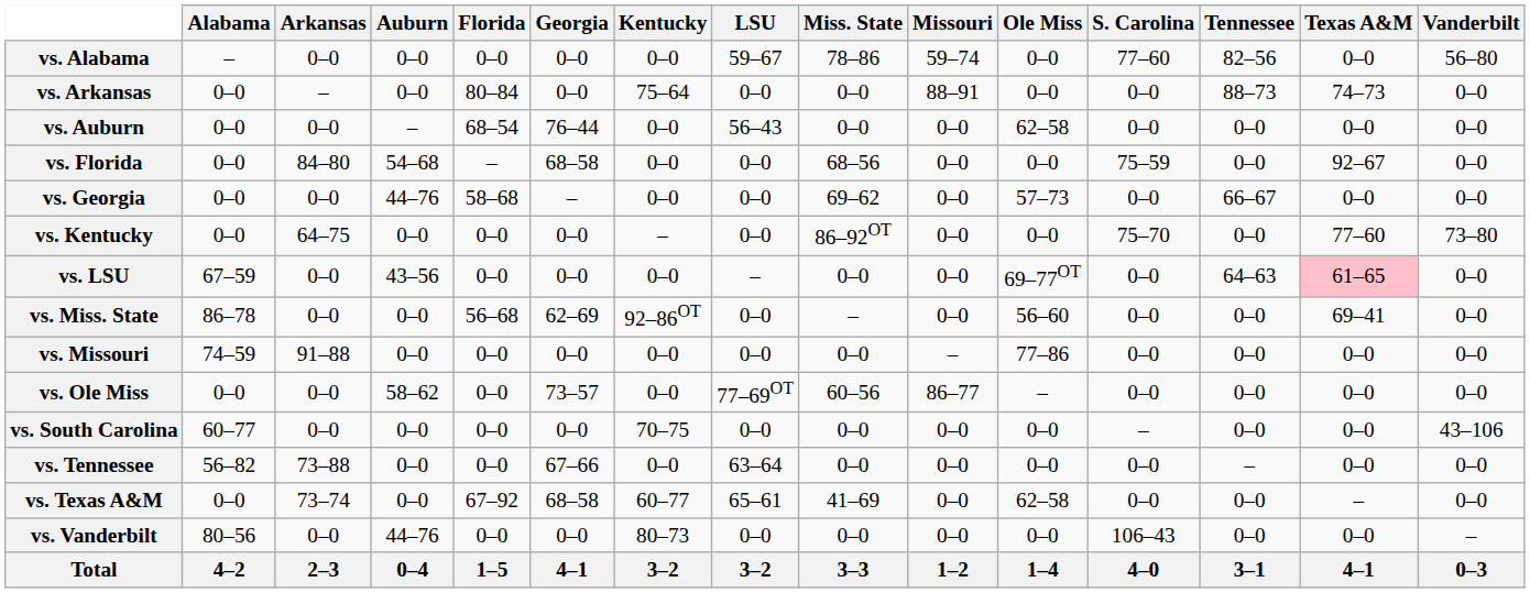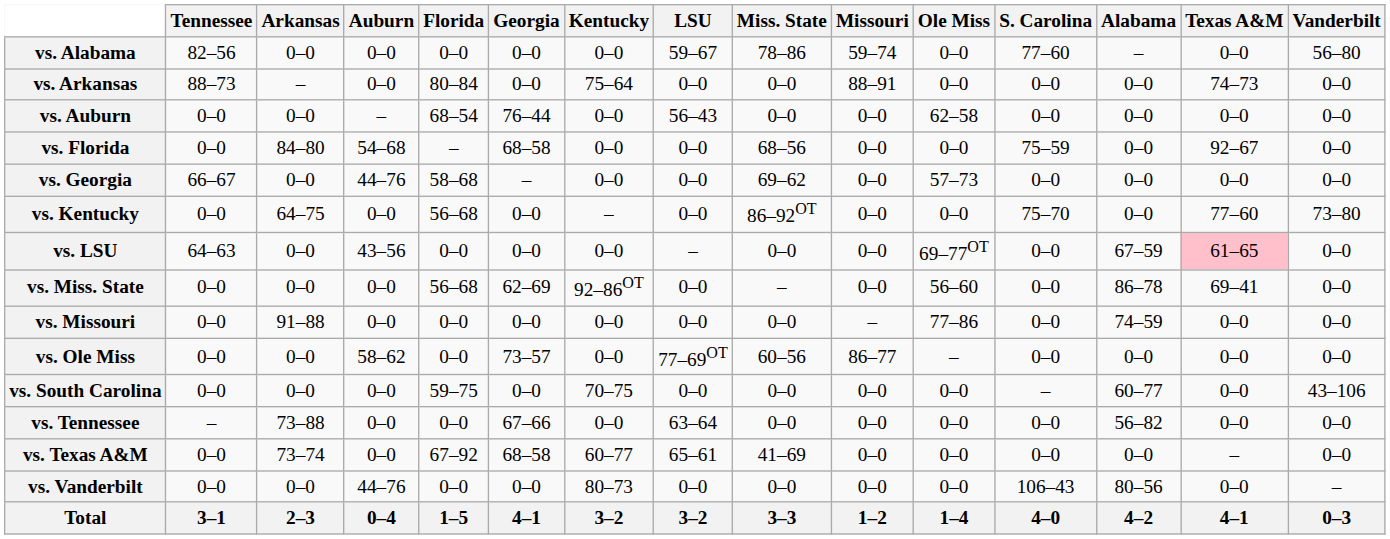 <table class="wikitable" style="white-space:nowrap; font-size:90%;">
 <tr>
 <td style="background:white; border-top-style:hidden; border-left-style:hidden;"></td>
-<th>Alabama</th>
+<th>Tennessee</th>
 <th>Arkansas</th>
 <th>Auburn</th>
 <th>Florida</th>
 <th>Georgia</th>
 <th>Kentucky</th>
 <th>LSU</th>
 <th>Miss. State</th>
 <th>Missouri</th>
 <th>Ole Miss</th>
 <th>S. Carolina</th>
-<th>Tennessee</th>
+<th>Alabama</th>
 <th>Texas A&M</th>
 <th>Vanderbilt</th>
 </tr>
 <tr style="text-align:center;">
 <th>vs. Alabama</th>
-<td>–</td>
+<td>82–56</td>
 <td>0–0</td>
 <td>0–0</td>
 <td>0–0</td>
 <td>0–0</td>
 <td>0–0</td>
 <td>59–67</td>
 <td>78–86</td>
 <td>59–74</td>
 <td>0–0</td>
 <td>77–60</td>
-<td>82–56</td>
+<td>–</td>
 <td>0–0</td>
 <td>56–80</td>
 </tr>
 <tr style="text-align:center;">
 <th>vs. Arkansas</th>
-<td>0–0</td>
+<td>88–73</td>
 <td>–</td>
 <td>0–0</td>
 <td>80–84</td>
 <td>0–0</td>
 <td>75–64</td>
 <td>0–0</td>
 <td>0–0</td>
 <td>88–91</td>
 <td>0–0</td>
 <td>0–0</td>
-<td>88–73</td>
+<td>0–0</td>
 <td>74–73</td>
 <td>0–0</td>
 </tr>
 <tr style="text-align:center;">
 <th>vs. Auburn</th>
 <td>0–0</td>
 <td>0–0</td>
 <td>–</td>
 <td>68–54</td>
 <td>76–44</td>
 <td>0–0</td>
 <td>56–43</td>
 <td>0–0</td>
 <td>0–0</td>
 <td>62–58</td>
 <td>0–0</td>
 <td>0–0</td>
 <td>0–0</td>
 <td>0–0</td>
 </tr>
 <tr style="text-align:center;">
 <th>vs. Florida</th>
 <td>0–0</td>
 <td>84–80</td>
 <td>54–68</td>
 <td>–</td>
 <td>68–58</td>
 <td>0–0</td>
 <td>0–0</td>
 <td>68–56</td>
 <td>0–0</td>
 <td>0–0</td>
 <td>75–59</td>
 <td>0–0</td>
 <td>92–67</td>
 <td>0–0</td>
 </tr>
 <tr style="text-align:center;">
 <th>vs. Georgia</th>
-<td>0–0</td>
+<td>66–67</td>
 <td>0–0</td>
 <td>44–76</td>
 <td>58–68</td>
 <td>–</td>
 <td>0–0</td>
 <td>0–0</td>
 <td>69–62</td>
 <td>0–0</td>
 <td>57–73</td>
 <td>0–0</td>
-<td>66–67</td>
+<td>0–0</td>
 <td>0–0</td>
 <td>0–0</td>
 </tr>
 <tr style="text-align:center;">
 <th>vs. Kentucky</th>
 <td>0–0</td>
 <td>64–75</td>
 <td>0–0</td>
-<td>0–0</td>
+<td>56–68</td>
 <td>0–0</td>
 <td>–</td>
 <td>0–0</td>
 <td>86–92<sup>OT</sup></td>
 <td>0–0</td>
 <td>0–0</td>
 <td>75–70</td>
 <td>0–0</td>
 <td>77–60</td>
 <td>73–80</td>
 </tr>
 <tr style="text-align:center;">
 <th>vs. LSU</th>
-<td>67–59</td>
+<td>64–63</td>
 <td>0–0</td>
 <td>43–56</td>
 <td>0–0</td>
 <td>0–0</td>
 <td>0–0</td>
 <td>–</td>
 <td>0–0</td>
 <td>0–0</td>
 <td>69–77<sup>OT</sup></td>
 <td>0–0</td>
-<td>64–63</td>
+<td>67–59</td>
 <td style="background: pink;">61–65</td>
 <td>0–0</td>
 </tr>
 <tr style="text-align:center;">
 <th>vs. Miss. State</th>
-<td>86–78</td>
+<td>0–0</td>
 <td>0–0</td>
 <td>0–0</td>
 <td>56–68</td>
 <td>62–69</td>
 <td>92–86<sup>OT</sup></td>
 <td>0–0</td>
 <td>–</td>
 <td>0–0</td>
 <td>56–60</td>
 <td>0–0</td>
-<td>0–0</td>
+<td>86–78</td>
 <td>69–41</td>
 <td>0–0</td>
 </tr>
 <tr style="text-align:center;">
 <th>vs. Missouri</th>
-<td>74–59</td>
+<td>0–0</td>
 <td>91–88</td>
 <td>0–0</td>
 <td>0–0</td>
 <td>0–0</td>
 <td>0–0</td>
 <td>0–0</td>
 <td>0–0</td>
 <td>–</td>
 <td>77–86</td>
 <td>0–0</td>
-<td>0–0</td>
+<td>74–59</td>
 <td>0–0</td>
 <td>0–0</td>
 </tr>
 <tr style="text-align:center;">
 <th>vs. Ole Miss</th>
 <td>0–0</td>
 <td>0–0</td>
 <td>58–62</td>
 <td>0–0</td>
 <td>73–57</td>
 <td>0–0</td>
 <td>77–69<sup>OT</sup></td>
 <td>60–56</td>
 <td>86–77</td>
 <td>–</td>
 <td>0–0</td>
 <td>0–0</td>
 <td>0–0</td>
 <td>0–0</td>
 </tr>
 <tr style="text-align:center;">
 <th>vs. South Carolina</th>
-<td>60–77</td>
 <td>0–0</td>
 <td>0–0</td>
 <td>0–0</td>
+<td>59–75</td>
 <td>0–0</td>
 <td>70–75</td>
 <td>0–0</td>
 <td>0–0</td>
 <td>0–0</td>
 <td>0–0</td>
 <td>–</td>
-<td>0–0</td>
+<td>60–77</td>
 <td>0–0</td>
 <td>43–106</td>
 </tr>
 <tr style="text-align:center;">
 <th>vs. Tennessee</th>
-<td>56–82</td>
+<td>–</td>
 <td>73–88</td>
 <td>0–0</td>
 <td>0–0</td>
 <td>67–66</td>
 <td>0–0</td>
 <td>63–64</td>
 <td>0–0</td>
 <td>0–0</td>
 <td>0–0</td>
 <td>0–0</td>
-<td>–</td>
+<td>56–82</td>
 <td>0–0</td>
 <td>0–0</td>
 </tr>
 <tr style="text-align:center;">
 <th>vs. Texas A&M</th>
 <td>0–0</td>
 <td>73–74</td>
 <td>0–0</td>
 <td>67–92</td>
 <td>68–58</td>
 <td>60–77</td>
 <td>65–61</td>
 <td>41–69</td>
 <td>0–0</td>
-<td>62–58</td>
+<td>0–0</td>
 <td>0–0</td>
 <td>0–0</td>
 <td>–</td>
 <td>0–0</td>
 </tr>
 <tr style="text-align:center;">
 <th>vs. Vanderbilt</th>
-<td>80–56</td>
+<td>0–0</td>
 <td>0–0</td>
 <td>44–76</td>
 <td>0–0</td>
 <td>0–0</td>
 <td>80–73</td>
 <td>0–0</td>
 <td>0–0</td>
 <td>0–0</td>
 <td>0–0</td>
 <td>106–43</td>
-<td>0–0</td>
+<td>80–56</td>
 <td>0–0</td>
 <td>–</td>
 </tr>
 <tr style="text-align:center;">
 <th>Total</th>
-<th>4–2</th>
+<th>3–1</th>
 <th>2–3</th>
 <th>0–4</th>
 <th>1–5</th>
 <th>4–1</th>
 <th>3–2</th>
 <th>3–2</th>
 <th>3–3</th>
 <th>1–2</th>
 <th>1–4</th>
 <th>4–0</th>
-<th>3–1</th>
+<th>4–2</th>
 <th>4–1</th>
 <th>0–3</th>
 </tr>
 </table>
